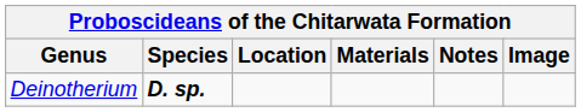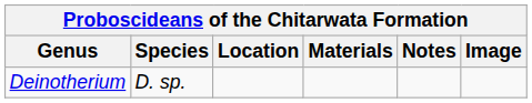 <table class="wikitable">
 <tr>
 <th colspan="7" align="center"><strong><a href='#'>Proboscideans</a> of the Chitarwata Formation</strong></th>
 </tr>
 <tr>
 <th>Genus</th>
 <th>Species</th>
 <th>Location</th>
 <th>Materials</th>
 <th>Notes</th>
 <th>Image</th>
 </tr>
 <tr>
 <td><em><a href='#'>Deinotherium</a> </em></td>
-<td><strong><em> D. sp.</em></strong></td>
+<td><em> D. sp.</em></td>
 <td></td>
 <td></td>
 <td></td>
 <td></td>
 </tr>
 </table>
